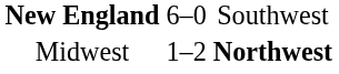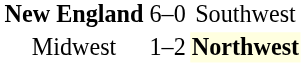 <table>
 <tr>
 <td align=center><strong>New England</strong></td>
 <td align=center>6–0</td>
 <td align=center>Southwest</td>
 </tr>
 <tr>
 <td align=center>Midwest</td>
 <td align=center>1–2</td>
-<td align=center><strong>Northwest</strong></td>
+<td align=center style="background: lightyellow;"><strong>Northwest</strong></td>
 </tr>
 </table>
